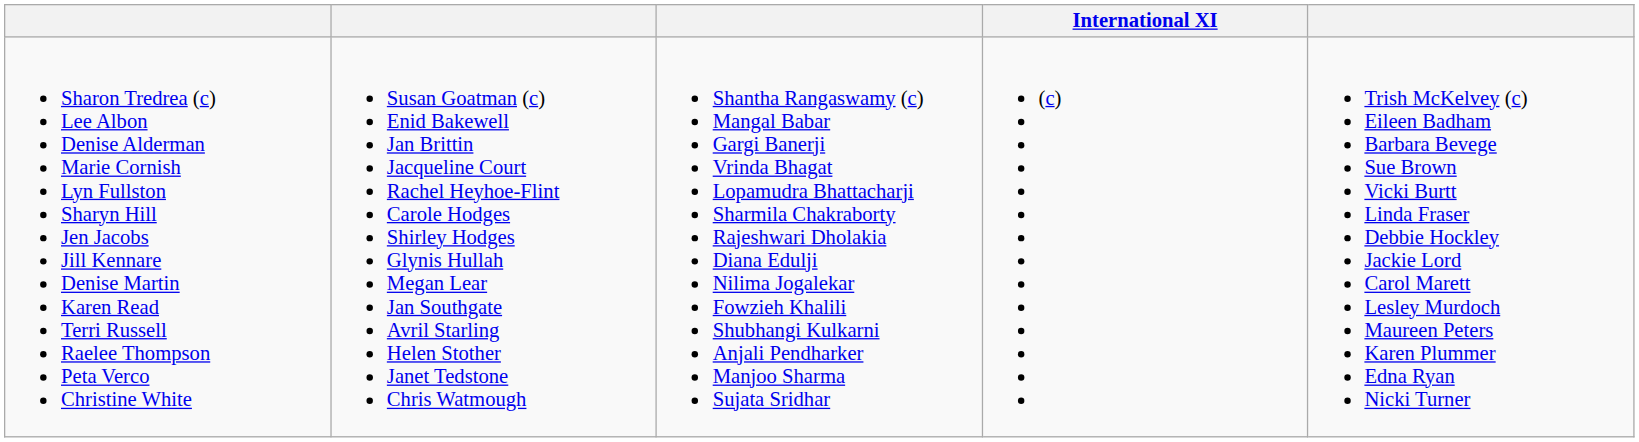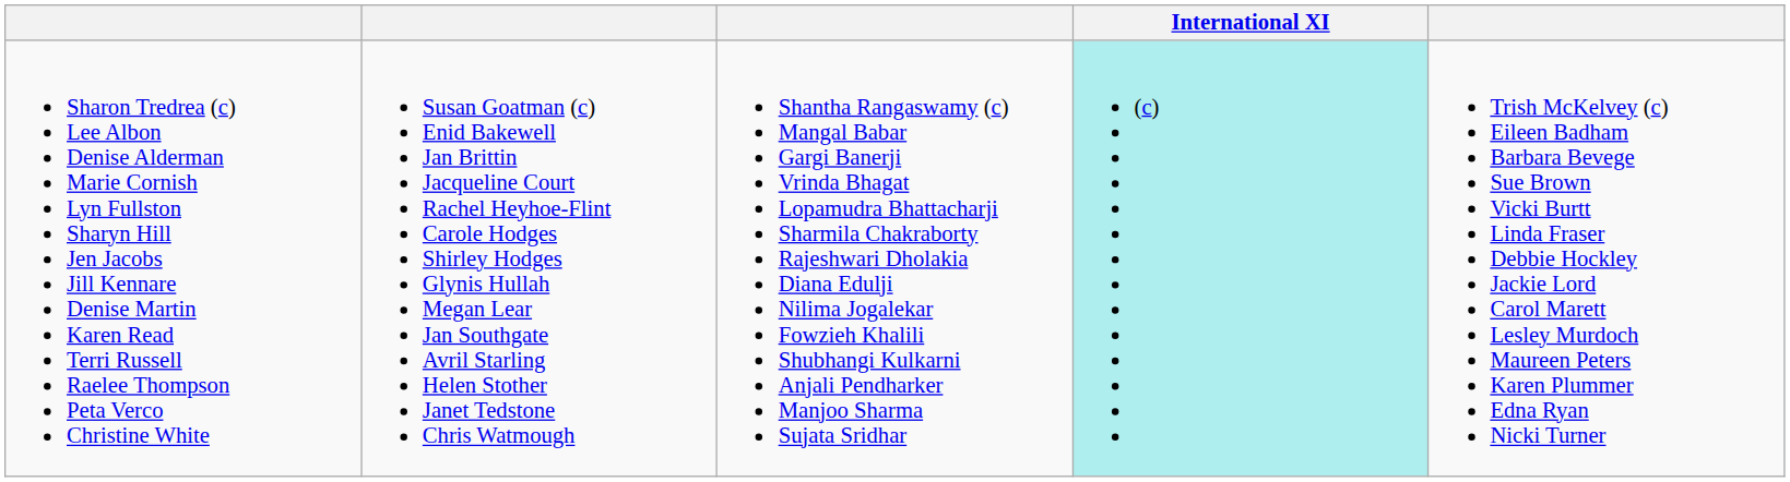 <table class="wikitable" width="100%">
 <tr>
 <th scope="col" width="20%"></th>
 <th scope="col" width="20%"></th>
 <th scope="col" width="20%"></th>
 <th scope="col" width="20%"> <a href='#'>International XI</a></th>
 <th scope="col" width="20%"></th>
 </tr>
 <tr>
 <td valign=top><br><ul><li><a href='#'>Sharon Tredrea</a> (<a href='#'>c</a>)</li><li><a href='#'>Lee Albon</a></li><li><a href='#'>Denise Alderman</a></li><li><a href='#'>Marie Cornish</a></li><li><a href='#'>Lyn Fullston</a></li><li><a href='#'>Sharyn Hill</a></li><li><a href='#'>Jen Jacobs</a></li><li><a href='#'>Jill Kennare</a></li><li><a href='#'>Denise Martin</a></li><li><a href='#'>Karen Read</a></li><li><a href='#'>Terri Russell</a></li><li><a href='#'>Raelee Thompson</a></li><li><a href='#'>Peta Verco</a></li><li><a href='#'>Christine White</a></li></ul></td>
 <td valign=top><br><ul><li><a href='#'>Susan Goatman</a> (<a href='#'>c</a>)</li><li><a href='#'>Enid Bakewell</a></li><li><a href='#'>Jan Brittin</a></li><li><a href='#'>Jacqueline Court</a></li><li><a href='#'>Rachel Heyhoe-Flint</a></li><li><a href='#'>Carole Hodges</a></li><li><a href='#'>Shirley Hodges</a></li><li><a href='#'>Glynis Hullah</a></li><li><a href='#'>Megan Lear</a></li><li><a href='#'>Jan Southgate</a></li><li><a href='#'>Avril Starling</a></li><li><a href='#'>Helen Stother</a></li><li><a href='#'>Janet Tedstone</a></li><li><a href='#'>Chris Watmough</a></li></ul></td>
 <td valign=top><br><ul><li><a href='#'>Shantha Rangaswamy</a> (<a href='#'>c</a>)</li><li><a href='#'>Mangal Babar</a></li><li><a href='#'>Gargi Banerji</a></li><li><a href='#'>Vrinda Bhagat</a></li><li><a href='#'>Lopamudra Bhattacharji</a></li><li><a href='#'>Sharmila Chakraborty</a></li><li><a href='#'>Rajeshwari Dholakia</a></li><li><a href='#'>Diana Edulji</a></li><li><a href='#'>Nilima Jogalekar</a></li><li><a href='#'>Fowzieh Khalili</a></li><li><a href='#'>Shubhangi Kulkarni</a></li><li><a href='#'>Anjali Pendharker</a></li><li><a href='#'>Manjoo Sharma</a></li><li><a href='#'>Sujata Sridhar</a></li></ul></td>
-<td valign=top><br><ul><li> (<a href='#'>c</a>)</li><li></li><li></li><li></li><li></li><li></li><li></li><li></li><li></li><li></li><li></li><li></li><li></li><li></li></ul></td>
+<td valign=top style="background: paleturquoise;"><br><ul><li> (<a href='#'>c</a>)</li><li></li><li></li><li></li><li></li><li></li><li></li><li></li><li></li><li></li><li></li><li></li><li></li><li></li></ul></td>
 <td valign=top><br><ul><li><a href='#'>Trish McKelvey</a> (<a href='#'>c</a>)</li><li><a href='#'>Eileen Badham</a></li><li><a href='#'>Barbara Bevege</a></li><li><a href='#'>Sue Brown</a></li><li><a href='#'>Vicki Burtt</a></li><li><a href='#'>Linda Fraser</a></li><li><a href='#'>Debbie Hockley</a></li><li><a href='#'>Jackie Lord</a></li><li><a href='#'>Carol Marett</a></li><li><a href='#'>Lesley Murdoch</a></li><li><a href='#'>Maureen Peters</a></li><li><a href='#'>Karen Plummer</a></li><li><a href='#'>Edna Ryan</a></li><li><a href='#'>Nicki Turner</a></li></ul></td>
 </tr>
 </table>
